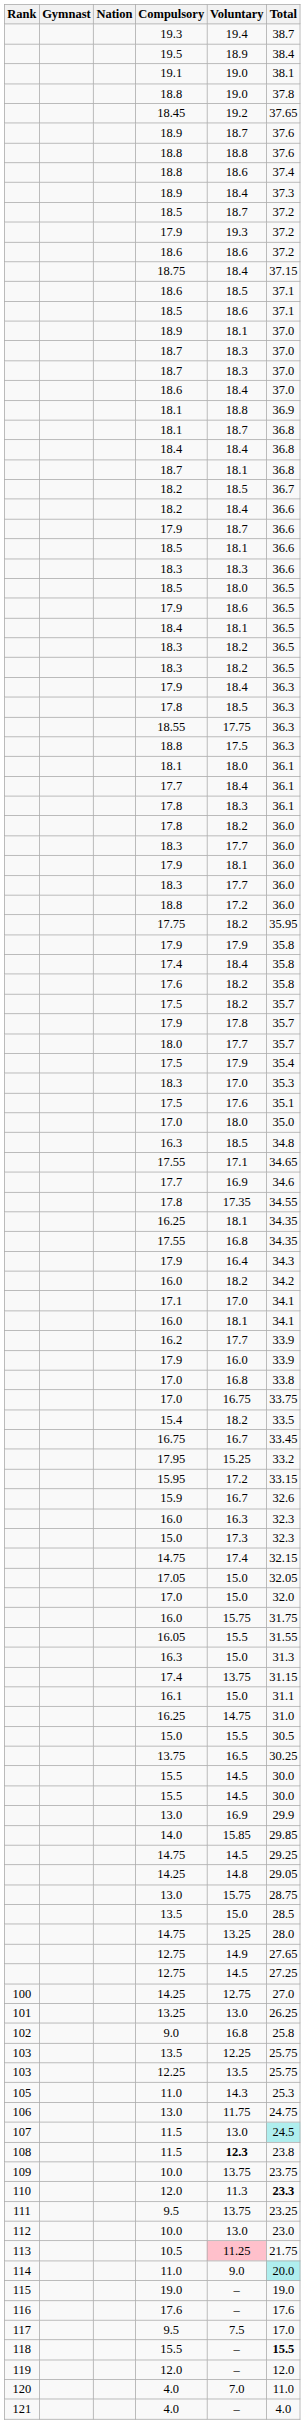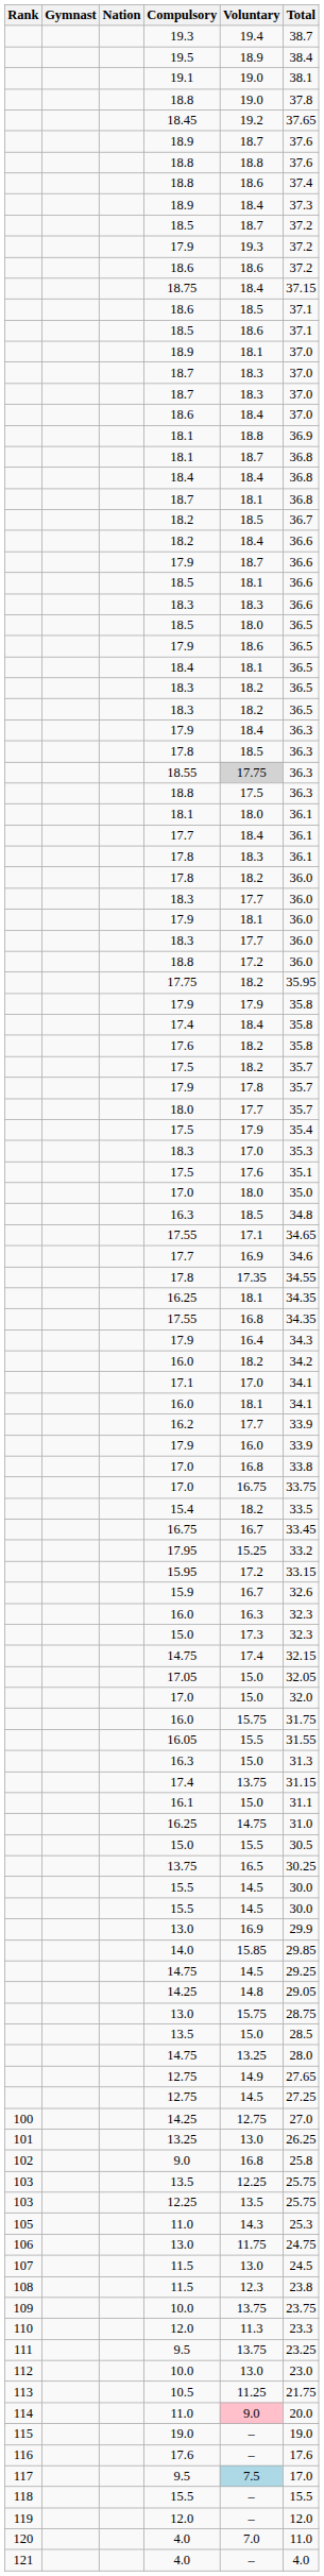 <table class="wikitable sortable" style="text-align:center">
 <tr>
 <th>Rank</th>
 <th>Gymnast</th>
 <th>Nation</th>
 <th>Compulsory</th>
 <th>Voluntary</th>
 <th>Total</th>
 </tr>
 <tr>
 <td></td>
 <td align=left></td>
 <td align="left"></td>
 <td>19.3</td>
 <td>19.4</td>
 <td>38.7</td>
 </tr>
 <tr>
 <td></td>
 <td align=left></td>
 <td align="left"></td>
 <td>19.5</td>
 <td>18.9</td>
 <td>38.4</td>
 </tr>
 <tr>
 <td></td>
 <td align=left></td>
 <td align="left"></td>
 <td>19.1</td>
 <td>19.0</td>
 <td>38.1</td>
 </tr>
 <tr>
 <td></td>
 <td align=left></td>
 <td align="left"></td>
 <td>18.8</td>
 <td>19.0</td>
 <td>37.8</td>
 </tr>
 <tr>
 <td></td>
 <td align=left></td>
 <td align="left"></td>
 <td>18.45</td>
 <td>19.2</td>
 <td>37.65</td>
 </tr>
 <tr>
 <td></td>
 <td align=left></td>
 <td align="left"></td>
 <td>18.9</td>
 <td>18.7</td>
 <td>37.6</td>
 </tr>
 <tr>
 <td></td>
 <td align=left></td>
 <td align="left"></td>
 <td>18.8</td>
 <td>18.8</td>
 <td>37.6</td>
 </tr>
 <tr>
 <td></td>
 <td align=left></td>
 <td align="left"></td>
 <td>18.8</td>
 <td>18.6</td>
 <td>37.4</td>
 </tr>
 <tr>
 <td></td>
 <td align=left></td>
 <td align="left"></td>
 <td>18.9</td>
 <td>18.4</td>
 <td>37.3</td>
 </tr>
 <tr>
 <td></td>
 <td align=left></td>
 <td align="left"></td>
 <td>18.5</td>
 <td>18.7</td>
 <td>37.2</td>
 </tr>
 <tr>
 <td></td>
 <td align="left"></td>
 <td align="left"></td>
 <td>17.9</td>
 <td>19.3</td>
 <td>37.2</td>
 </tr>
 <tr>
 <td></td>
 <td align=left></td>
 <td align="left"></td>
 <td>18.6</td>
 <td>18.6</td>
 <td>37.2</td>
 </tr>
 <tr>
 <td></td>
 <td align=left></td>
 <td align="left"></td>
 <td>18.75</td>
 <td>18.4</td>
 <td>37.15</td>
 </tr>
 <tr>
 <td></td>
 <td align=left></td>
 <td align="left"></td>
 <td>18.6</td>
 <td>18.5</td>
 <td>37.1</td>
 </tr>
 <tr>
 <td></td>
 <td align=left></td>
 <td align="left"></td>
 <td>18.5</td>
 <td>18.6</td>
 <td>37.1</td>
 </tr>
 <tr>
 <td></td>
 <td align=left></td>
 <td align="left"></td>
 <td>18.9</td>
 <td>18.1</td>
 <td>37.0</td>
 </tr>
 <tr>
 <td></td>
 <td align=left></td>
 <td align="left"></td>
 <td>18.7</td>
 <td>18.3</td>
 <td>37.0</td>
 </tr>
 <tr>
 <td></td>
 <td align=left></td>
 <td align="left"></td>
 <td>18.7</td>
 <td>18.3</td>
 <td>37.0</td>
 </tr>
 <tr>
 <td></td>
 <td align=left></td>
 <td align="left"></td>
 <td>18.6</td>
 <td>18.4</td>
 <td>37.0</td>
 </tr>
 <tr>
 <td></td>
 <td align=left></td>
 <td align="left"></td>
 <td>18.1</td>
 <td>18.8</td>
 <td>36.9</td>
 </tr>
 <tr>
 <td></td>
 <td align=left></td>
 <td align="left"></td>
 <td>18.1</td>
 <td>18.7</td>
 <td>36.8</td>
 </tr>
 <tr>
 <td></td>
 <td align=left></td>
 <td align="left"></td>
 <td>18.4</td>
 <td>18.4</td>
 <td>36.8</td>
 </tr>
 <tr>
 <td></td>
 <td align=left></td>
 <td align="left"></td>
 <td>18.7</td>
 <td>18.1</td>
 <td>36.8</td>
 </tr>
 <tr>
 <td></td>
 <td align=left></td>
 <td align="left"></td>
 <td>18.2</td>
 <td>18.5</td>
 <td>36.7</td>
 </tr>
 <tr>
 <td></td>
 <td align=left></td>
 <td align="left"></td>
 <td>18.2</td>
 <td>18.4</td>
 <td>36.6</td>
 </tr>
 <tr>
 <td></td>
 <td align="left"></td>
 <td align="left"></td>
 <td>17.9</td>
 <td>18.7</td>
 <td>36.6</td>
 </tr>
 <tr>
 <td></td>
 <td align=left></td>
 <td align="left"></td>
 <td>18.5</td>
 <td>18.1</td>
 <td>36.6</td>
 </tr>
 <tr>
 <td></td>
 <td align=left></td>
 <td align="left"></td>
 <td>18.3</td>
 <td>18.3</td>
 <td>36.6</td>
 </tr>
 <tr>
 <td></td>
 <td align=left></td>
 <td align="left"></td>
 <td>18.5</td>
 <td>18.0</td>
 <td>36.5</td>
 </tr>
 <tr>
 <td></td>
 <td align=left></td>
 <td align="left"></td>
 <td>17.9</td>
 <td>18.6</td>
 <td>36.5</td>
 </tr>
 <tr>
 <td></td>
 <td align=left></td>
 <td align="left"></td>
 <td>18.4</td>
 <td>18.1</td>
 <td>36.5</td>
 </tr>
 <tr>
 <td></td>
 <td align=left></td>
 <td align="left"></td>
 <td>18.3</td>
 <td>18.2</td>
 <td>36.5</td>
 </tr>
 <tr>
 <td></td>
 <td align=left></td>
 <td align="left"></td>
 <td>18.3</td>
 <td>18.2</td>
 <td>36.5</td>
 </tr>
 <tr>
 <td></td>
 <td align=left></td>
 <td align="left"></td>
 <td>17.9</td>
 <td>18.4</td>
 <td>36.3</td>
 </tr>
 <tr>
 <td></td>
 <td align=left></td>
 <td align="left"></td>
 <td>17.8</td>
 <td>18.5</td>
 <td>36.3</td>
 </tr>
 <tr>
 <td></td>
 <td align=left></td>
 <td align="left"></td>
 <td>18.55</td>
-<td>17.75</td>
+<td style="background: lightgrey;">17.75</td>
 <td>36.3</td>
 </tr>
 <tr>
 <td></td>
 <td align=left></td>
 <td align="left"></td>
 <td>18.8</td>
 <td>17.5</td>
 <td>36.3</td>
 </tr>
 <tr>
 <td></td>
 <td align=left></td>
 <td align="left"></td>
 <td>18.1</td>
 <td>18.0</td>
 <td>36.1</td>
 </tr>
 <tr>
 <td></td>
 <td align=left></td>
 <td align="left"></td>
 <td>17.7</td>
 <td>18.4</td>
 <td>36.1</td>
 </tr>
 <tr>
 <td></td>
 <td align=left></td>
 <td align="left"></td>
 <td>17.8</td>
 <td>18.3</td>
 <td>36.1</td>
 </tr>
 <tr>
 <td></td>
 <td align=left></td>
 <td align="left"></td>
 <td>17.8</td>
 <td>18.2</td>
 <td>36.0</td>
 </tr>
 <tr>
 <td></td>
 <td align=left></td>
 <td align="left"></td>
 <td>18.3</td>
 <td>17.7</td>
 <td>36.0</td>
 </tr>
 <tr>
 <td></td>
 <td align=left></td>
 <td align="left"></td>
 <td>17.9</td>
 <td>18.1</td>
 <td>36.0</td>
 </tr>
 <tr>
 <td></td>
 <td align=left></td>
 <td align="left"></td>
 <td>18.3</td>
 <td>17.7</td>
 <td>36.0</td>
 </tr>
 <tr>
 <td></td>
 <td align=left></td>
 <td align="left"></td>
 <td>18.8</td>
 <td>17.2</td>
 <td>36.0</td>
 </tr>
 <tr>
 <td></td>
 <td align=left></td>
 <td align="left"></td>
 <td>17.75</td>
 <td>18.2</td>
 <td>35.95</td>
 </tr>
 <tr>
 <td></td>
 <td align=left></td>
 <td align="left"></td>
 <td>17.9</td>
 <td>17.9</td>
 <td>35.8</td>
 </tr>
 <tr>
 <td></td>
 <td align=left></td>
 <td align="left"></td>
 <td>17.4</td>
 <td>18.4</td>
 <td>35.8</td>
 </tr>
 <tr>
 <td></td>
 <td align=left></td>
 <td align="left"></td>
 <td>17.6</td>
 <td>18.2</td>
 <td>35.8</td>
 </tr>
 <tr>
 <td></td>
 <td align=left></td>
 <td align="left"></td>
 <td>17.5</td>
 <td>18.2</td>
 <td>35.7</td>
 </tr>
 <tr>
 <td></td>
 <td align=left></td>
 <td align="left"></td>
 <td>17.9</td>
 <td>17.8</td>
 <td>35.7</td>
 </tr>
 <tr>
 <td></td>
 <td align=left></td>
 <td align="left"></td>
 <td>18.0</td>
 <td>17.7</td>
 <td>35.7</td>
 </tr>
 <tr>
 <td></td>
 <td align=left></td>
 <td align="left"></td>
 <td>17.5</td>
 <td>17.9</td>
 <td>35.4</td>
 </tr>
 <tr>
 <td></td>
 <td align=left></td>
 <td align="left"></td>
 <td>18.3</td>
 <td>17.0</td>
 <td>35.3</td>
 </tr>
 <tr>
 <td></td>
 <td align=left></td>
 <td align="left"></td>
 <td>17.5</td>
 <td>17.6</td>
 <td>35.1</td>
 </tr>
 <tr>
 <td></td>
 <td align=left></td>
 <td align="left"></td>
 <td>17.0</td>
 <td>18.0</td>
 <td>35.0</td>
 </tr>
 <tr>
 <td></td>
 <td align=left></td>
 <td align="left"></td>
 <td>16.3</td>
 <td>18.5</td>
 <td>34.8</td>
 </tr>
 <tr>
 <td></td>
 <td align=left></td>
 <td align="left"></td>
 <td>17.55</td>
 <td>17.1</td>
 <td>34.65</td>
 </tr>
 <tr>
 <td></td>
 <td align=left></td>
 <td align="left"></td>
 <td>17.7</td>
 <td>16.9</td>
 <td>34.6</td>
 </tr>
 <tr>
 <td></td>
 <td align=left></td>
 <td align="left"></td>
 <td>17.8</td>
 <td>17.35</td>
 <td>34.55</td>
 </tr>
 <tr>
 <td></td>
 <td align="left"></td>
 <td align="left"></td>
 <td>16.25</td>
 <td>18.1</td>
 <td>34.35</td>
 </tr>
 <tr>
 <td></td>
 <td align=left></td>
 <td align="left"></td>
 <td>17.55</td>
 <td>16.8</td>
 <td>34.35</td>
 </tr>
 <tr>
 <td></td>
 <td align="left"></td>
 <td align="left"></td>
 <td>17.9</td>
 <td>16.4</td>
 <td>34.3</td>
 </tr>
 <tr>
 <td></td>
 <td align=left></td>
 <td align="left"></td>
 <td>16.0</td>
 <td>18.2</td>
 <td>34.2</td>
 </tr>
 <tr>
 <td></td>
 <td align=left></td>
 <td align="left"></td>
 <td>17.1</td>
 <td>17.0</td>
 <td>34.1</td>
 </tr>
 <tr>
 <td></td>
 <td align="left"></td>
 <td align="left"></td>
 <td>16.0</td>
 <td>18.1</td>
 <td>34.1</td>
 </tr>
 <tr>
 <td></td>
 <td align=left></td>
 <td align="left"></td>
 <td>16.2</td>
 <td>17.7</td>
 <td>33.9</td>
 </tr>
 <tr>
 <td></td>
 <td align=left></td>
 <td align="left"></td>
 <td>17.9</td>
 <td>16.0</td>
 <td>33.9</td>
 </tr>
 <tr>
 <td></td>
 <td align=left></td>
 <td align="left"></td>
 <td>17.0</td>
 <td>16.8</td>
 <td>33.8</td>
 </tr>
 <tr>
 <td></td>
 <td align=left></td>
 <td align="left"></td>
 <td>17.0</td>
 <td>16.75</td>
 <td>33.75</td>
 </tr>
 <tr>
 <td></td>
 <td align=left></td>
 <td align="left"></td>
 <td>15.4</td>
 <td>18.2</td>
 <td>33.5</td>
 </tr>
 <tr>
 <td></td>
 <td align=left></td>
 <td align="left"></td>
 <td>16.75</td>
 <td>16.7</td>
 <td>33.45</td>
 </tr>
 <tr>
 <td></td>
 <td align=left></td>
 <td align="left"></td>
 <td>17.95</td>
 <td>15.25</td>
 <td>33.2</td>
 </tr>
 <tr>
 <td></td>
 <td align=left></td>
 <td align="left"></td>
 <td>15.95</td>
 <td>17.2</td>
 <td>33.15</td>
 </tr>
 <tr>
 <td></td>
 <td align=left></td>
 <td align="left"></td>
 <td>15.9</td>
 <td>16.7</td>
 <td>32.6</td>
 </tr>
 <tr>
 <td></td>
 <td align="left"></td>
 <td align="left"></td>
 <td>16.0</td>
 <td>16.3</td>
 <td>32.3</td>
 </tr>
 <tr>
 <td></td>
 <td align=left></td>
 <td align="left"></td>
 <td>15.0</td>
 <td>17.3</td>
 <td>32.3</td>
 </tr>
 <tr>
 <td></td>
 <td align=left></td>
 <td align="left"></td>
 <td>14.75</td>
 <td>17.4</td>
 <td>32.15</td>
 </tr>
 <tr>
 <td></td>
 <td align=left></td>
 <td align="left"></td>
 <td>17.05</td>
 <td>15.0</td>
 <td>32.05</td>
 </tr>
 <tr>
 <td></td>
 <td align=left></td>
 <td align="left"></td>
 <td>17.0</td>
 <td>15.0</td>
 <td>32.0</td>
 </tr>
 <tr>
 <td></td>
 <td align=left></td>
 <td align="left"></td>
 <td>16.0</td>
 <td>15.75</td>
 <td>31.75</td>
 </tr>
 <tr>
 <td></td>
 <td align=left></td>
 <td align="left"></td>
 <td>16.05</td>
 <td>15.5</td>
 <td>31.55</td>
 </tr>
 <tr>
 <td></td>
 <td align=left></td>
 <td align="left"></td>
 <td>16.3</td>
 <td>15.0</td>
 <td>31.3</td>
 </tr>
 <tr>
 <td></td>
 <td align=left></td>
 <td align="left"></td>
 <td>17.4</td>
 <td>13.75</td>
 <td>31.15</td>
 </tr>
 <tr>
 <td></td>
 <td align=left></td>
 <td align="left"></td>
 <td>16.1</td>
 <td>15.0</td>
 <td>31.1</td>
 </tr>
 <tr>
 <td></td>
 <td align=left></td>
 <td align="left"></td>
 <td>16.25</td>
 <td>14.75</td>
 <td>31.0</td>
 </tr>
 <tr>
 <td></td>
 <td align=left></td>
 <td align="left"></td>
 <td>15.0</td>
 <td>15.5</td>
 <td>30.5</td>
 </tr>
 <tr>
 <td></td>
 <td align=left></td>
 <td align="left"></td>
 <td>13.75</td>
 <td>16.5</td>
 <td>30.25</td>
 </tr>
 <tr>
 <td></td>
 <td align=left></td>
 <td align="left"></td>
 <td>15.5</td>
 <td>14.5</td>
 <td>30.0</td>
 </tr>
 <tr>
 <td></td>
 <td align="left"></td>
 <td align="left"></td>
 <td>15.5</td>
 <td>14.5</td>
 <td>30.0</td>
 </tr>
 <tr>
 <td></td>
 <td align=left></td>
 <td align="left"></td>
 <td>13.0</td>
 <td>16.9</td>
 <td>29.9</td>
 </tr>
 <tr>
 <td></td>
 <td align=left></td>
 <td align="left"></td>
 <td>14.0</td>
 <td>15.85</td>
 <td>29.85</td>
 </tr>
 <tr>
 <td></td>
 <td align="left"></td>
 <td align="left"></td>
 <td>14.75</td>
 <td>14.5</td>
 <td>29.25</td>
 </tr>
 <tr>
 <td></td>
 <td align=left></td>
 <td align="left"></td>
 <td>14.25</td>
 <td>14.8</td>
 <td>29.05</td>
 </tr>
 <tr>
 <td></td>
 <td align=left></td>
 <td align="left"></td>
 <td>13.0</td>
 <td>15.75</td>
 <td>28.75</td>
 </tr>
 <tr>
 <td></td>
 <td align=left></td>
 <td align="left"></td>
 <td>13.5</td>
 <td>15.0</td>
 <td>28.5</td>
 </tr>
 <tr>
 <td></td>
 <td align=left></td>
 <td align="left"></td>
 <td>14.75</td>
 <td>13.25</td>
 <td>28.0</td>
 </tr>
 <tr>
 <td></td>
 <td align=left></td>
 <td align="left"></td>
 <td>12.75</td>
 <td>14.9</td>
 <td>27.65</td>
 </tr>
 <tr>
 <td></td>
 <td align=left></td>
 <td align="left"></td>
 <td>12.75</td>
 <td>14.5</td>
 <td>27.25</td>
 </tr>
 <tr>
 <td>100</td>
 <td align=left></td>
 <td align="left"></td>
 <td>14.25</td>
 <td>12.75</td>
 <td>27.0</td>
 </tr>
 <tr>
 <td>101</td>
 <td align=left></td>
 <td align="left"></td>
 <td>13.25</td>
 <td>13.0</td>
 <td>26.25</td>
 </tr>
 <tr>
 <td>102</td>
 <td align=left></td>
 <td align="left"></td>
 <td>9.0</td>
 <td>16.8</td>
 <td>25.8</td>
 </tr>
 <tr>
 <td>103</td>
 <td align=left></td>
 <td align="left"></td>
 <td>13.5</td>
 <td>12.25</td>
 <td>25.75</td>
 </tr>
 <tr>
 <td>103</td>
 <td align=left></td>
 <td align="left"></td>
 <td>12.25</td>
 <td>13.5</td>
 <td>25.75</td>
 </tr>
 <tr>
 <td>105</td>
 <td align=left></td>
 <td align="left"></td>
 <td>11.0</td>
 <td>14.3</td>
 <td>25.3</td>
 </tr>
 <tr>
 <td>106</td>
 <td align=left></td>
 <td align="left"></td>
 <td>13.0</td>
 <td>11.75</td>
 <td>24.75</td>
 </tr>
 <tr>
 <td>107</td>
 <td align=left></td>
 <td align="left"></td>
 <td>11.5</td>
 <td>13.0</td>
-<td style="background: paleturquoise;">24.5</td>
+<td>24.5</td>
 </tr>
 <tr>
 <td>108</td>
 <td align=left></td>
 <td align="left"></td>
 <td>11.5</td>
-<td><strong>12.3</strong></td>
+<td>12.3</td>
 <td>23.8</td>
 </tr>
 <tr>
 <td>109</td>
 <td align=left></td>
 <td align="left"></td>
 <td>10.0</td>
 <td>13.75</td>
 <td>23.75</td>
 </tr>
 <tr>
 <td>110</td>
 <td align=left></td>
 <td align="left"></td>
 <td>12.0</td>
 <td>11.3</td>
-<td><strong>23.3</strong></td>
+<td>23.3</td>
 </tr>
 <tr>
 <td>111</td>
 <td align=left></td>
 <td align="left"></td>
 <td>9.5</td>
 <td>13.75</td>
 <td>23.25</td>
 </tr>
 <tr>
 <td>112</td>
 <td align=left></td>
 <td align="left"></td>
 <td>10.0</td>
 <td>13.0</td>
 <td>23.0</td>
 </tr>
 <tr>
 <td>113</td>
 <td align=left></td>
 <td align="left"></td>
 <td>10.5</td>
-<td style="background: pink;">11.25</td>
+<td>11.25</td>
 <td>21.75</td>
 </tr>
 <tr>
 <td>114</td>
 <td align="left"></td>
 <td align="left"></td>
 <td>11.0</td>
-<td>9.0</td>
-<td style="background: paleturquoise;">20.0</td>
+<td style="background: pink;">9.0</td>
+<td>20.0</td>
 </tr>
 <tr>
 <td>115</td>
 <td align=left></td>
 <td align="left"></td>
 <td>19.0</td>
 <td>–</td>
 <td>19.0</td>
 </tr>
 <tr>
 <td>116</td>
 <td align=left></td>
 <td align="left"></td>
 <td>17.6</td>
 <td>–</td>
 <td>17.6</td>
 </tr>
 <tr>
 <td>117</td>
 <td align=left></td>
 <td align="left"></td>
 <td>9.5</td>
-<td>7.5</td>
+<td style="background: lightblue;">7.5</td>
 <td>17.0</td>
 </tr>
 <tr>
 <td>118</td>
 <td align=left></td>
 <td align="left"></td>
 <td>15.5</td>
 <td>–</td>
-<td><strong>15.5</strong></td>
+<td>15.5</td>
 </tr>
 <tr>
 <td>119</td>
 <td align=left></td>
 <td align="left"></td>
 <td>12.0</td>
 <td>–</td>
 <td>12.0</td>
 </tr>
 <tr>
 <td>120</td>
 <td align=left></td>
 <td align="left"></td>
 <td>4.0</td>
 <td>7.0</td>
 <td>11.0</td>
 </tr>
 <tr>
 <td>121</td>
 <td align=left></td>
 <td align="left"></td>
 <td>4.0</td>
 <td>–</td>
 <td>4.0</td>
 </tr>
 </table>
